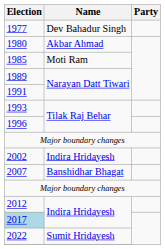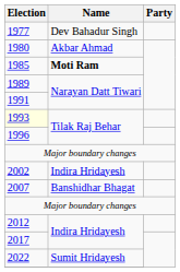 <table class="wikitable sortable">
 <tr>
 <th>Election</th>
 <th>Name</th>
 <th colspan=2>Party</th>
 </tr>
 <tr>
 <td><a href='#'>1977</a></td>
 <td>Dev Bahadur Singh</td>
 <td></td>
 </tr>
 <tr>
 <td><a href='#'>1980</a></td>
 <td><a href='#'>Akbar Ahmad</a></td>
 </tr>
 <tr>
 <td><a href='#'>1985</a></td>
-<td>Moti Ram</td>
+<td><strong>Moti Ram</strong></td>
 </tr>
 <tr>
 <td><a href='#'>1989</a></td>
 <td rowspan =2><a href='#'>Narayan Datt Tiwari</a></td>
 </tr>
 <tr>
 <td><a href='#'>1991</a></td>
 </tr>
 <tr>
-<td><a href='#'>1993</a></td>
+<td style="background: lightyellow;"><a href='#'>1993</a></td>
 <td rowspan=2><a href='#'>Tilak Raj Behar</a></td>
 <td></td>
 </tr>
 <tr>
 <td><a href='#'>1996</a></td>
 </tr>
 <tr>
 <td colspan=4 align=center><small><em>Major boundary changes</em></small></td>
 </tr>
 <tr>
 <td><a href='#'>2002</a></td>
 <td><a href='#'>Indira Hridayesh</a></td>
 <td></td>
 </tr>
 <tr>
 <td><a href='#'>2007</a></td>
 <td><a href='#'>Banshidhar Bhagat</a></td>
 <td></td>
 </tr>
 <tr>
 <td colspan=4 align=center><small><em>Major boundary changes</em></small></td>
 </tr>
 <tr>
 <td><a href='#'>2012</a></td>
 <td rowspan=2><a href='#'>Indira Hridayesh</a></td>
 <td></td>
 </tr>
 <tr>
-<td style="background: lightblue;"><a href='#'>2017</a></td>
+<td><a href='#'>2017</a></td>
 </tr>
 <tr>
 <td><a href='#'>2022</a></td>
 <td><a href='#'>Sumit Hridayesh</a></td>
 </tr>
 <tr>
 </tr>
 </table>
